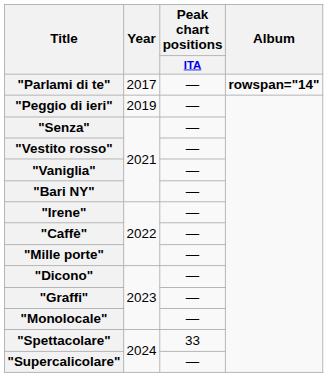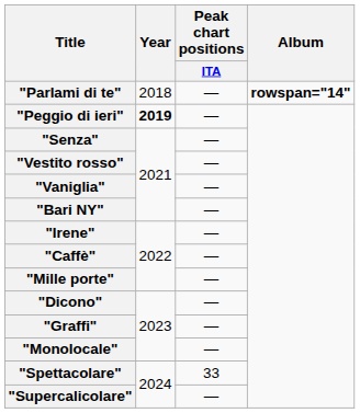 <table class="wikitable plainrowheaders" style="text-align:center;">
 <tr>
 <th scope="col" rowspan="2">Title</th>
 <th scope="col" rowspan="2">Year</th>
 <th scope="col">Peak chart positions</th>
 <th scope="col" rowspan="2">Album</th>
 </tr>
 <tr>
 <th scope="col" style="width:3em;font-size:85%"><a href='#'>ITA</a><br></th>
 </tr>
 <tr>
 <th scope="row">"Parlami di te"</th>
-<td>2017</td>
+<td>2018</td>
 <td>—</td>
 <td><strong>rowspan="14" </strong></td>
 </tr>
 <tr>
 <th scope="row">"Peggio di ieri"<br></th>
-<td>2019</td>
+<td><strong>2019</strong></td>
 <td>—</td>
 </tr>
 <tr>
 <th scope="row">"Senza"</th>
 <td rowspan="4">2021</td>
 <td>—</td>
 </tr>
 <tr>
 <th scope="row">"Vestito rosso"</th>
 <td>—</td>
 </tr>
 <tr>
 <th scope="row">"Vaniglia"</th>
 <td>—</td>
 </tr>
 <tr>
 <th scope="row">"Bari NY"</th>
 <td>—</td>
 </tr>
 <tr>
 <th scope="row">"Irene"</th>
 <td rowspan="3">2022</td>
 <td>—</td>
 </tr>
 <tr>
 <th scope="row">"Caffè"</th>
 <td>—</td>
 </tr>
 <tr>
 <th scope="row">"Mille porte"</th>
 <td>—</td>
 </tr>
 <tr>
 <th scope="row">"Dicono"</th>
 <td rowspan="3">2023</td>
 <td>—</td>
 </tr>
 <tr>
 <th scope="row">"Graffi"</th>
 <td>—</td>
 </tr>
 <tr>
 <th scope="row">"Monolocale"</th>
 <td>—</td>
 </tr>
 <tr>
 <th scope="row">"Spettacolare"</th>
 <td rowspan="2">2024</td>
 <td>33</td>
 </tr>
 <tr>
 <th scope="row">"Supercalicolare"</th>
 <td>—</td>
 </tr>
 </table>
